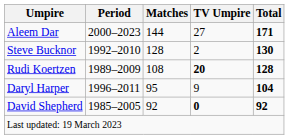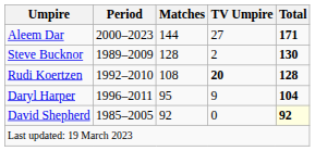 <table class="wikitable sortable">
 <tr>
 <th>Umpire</th>
 <th>Period</th>
 <th>Matches</th>
 <th>TV Umpire</th>
 <th>Total</th>
 </tr>
 <tr>
 <td> <a href='#'>Aleem Dar</a></td>
 <td>2000–2023</td>
 <td>144</td>
 <td>27</td>
 <td><strong>171</strong></td>
 </tr>
 <tr>
 <td> <a href='#'>Steve Bucknor</a></td>
-<td>1992–2010</td>
+<td>1989–2009</td>
 <td>128</td>
 <td>2</td>
 <td><strong>130</strong></td>
 </tr>
 <tr>
 <td> <a href='#'>Rudi Koertzen</a></td>
-<td>1989–2009</td>
+<td>1992–2010</td>
 <td>108</td>
 <td><strong>20</strong></td>
 <td><strong>128</strong></td>
 </tr>
 <tr>
 <td> <a href='#'>Daryl Harper</a></td>
 <td>1996–2011</td>
 <td>95</td>
 <td>9</td>
 <td><strong>104</strong></td>
 </tr>
 <tr>
 <td> <a href='#'>David Shepherd</a></td>
 <td>1985–2005</td>
 <td>92</td>
-<td><strong>0</strong></td>
-<td><strong>92</strong></td>
+<td>0</td>
+<td style="background: lightyellow;"><strong>92</strong></td>
 </tr>
 <tr>
 <td colspan=8><small>Last updated: 19 March 2023</small></td>
 </tr>
 </table>
